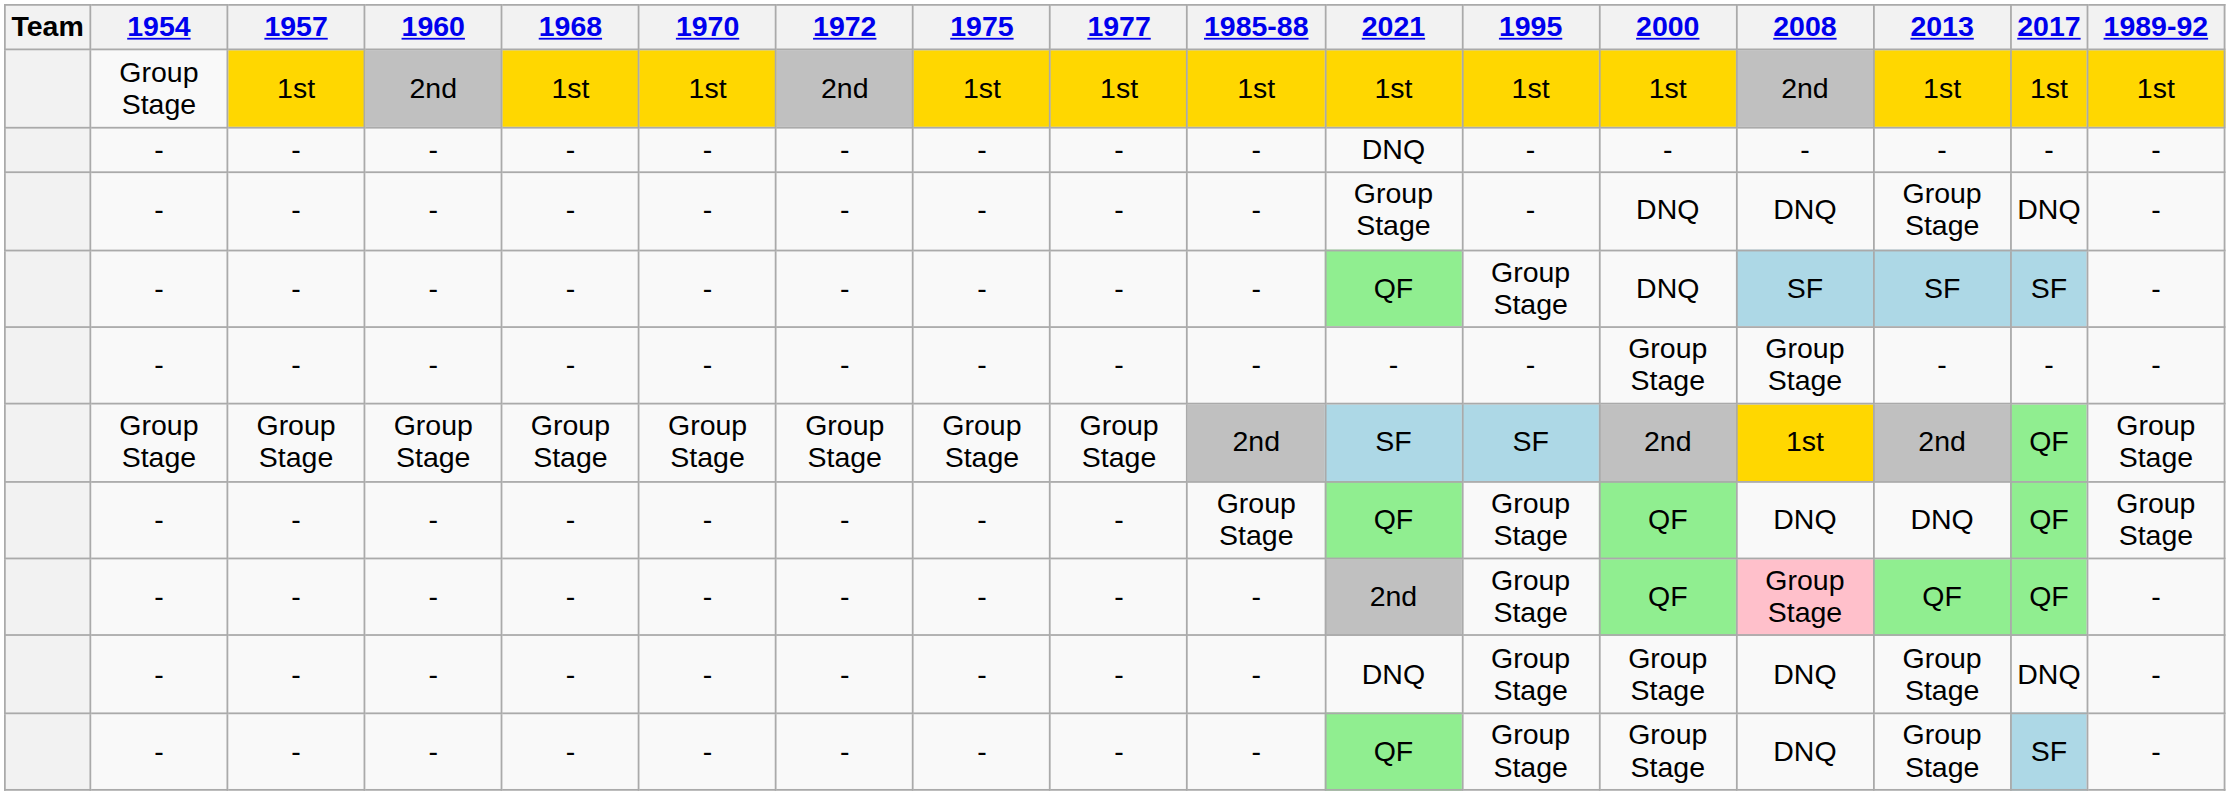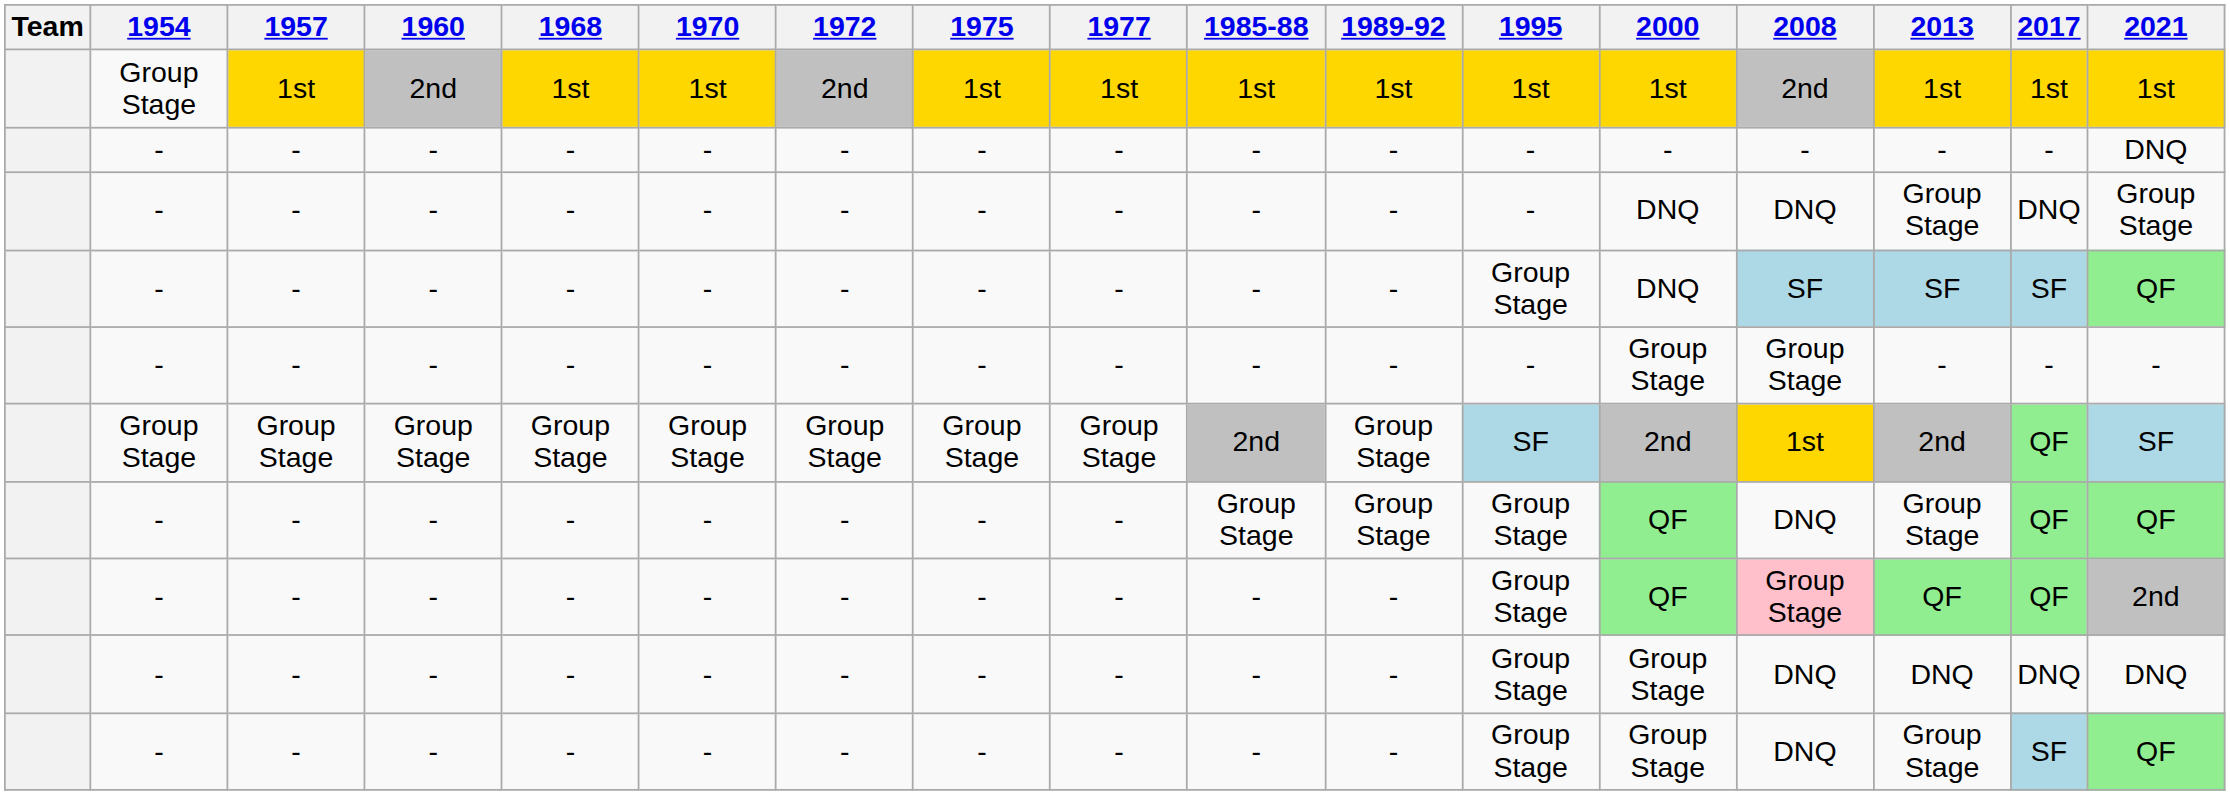 <table class="wikitable plainrowheaders" style="text-align: center">
 <tr>
 <th>Team</th>
 <th><a href='#'>1954</a></th>
 <th><a href='#'>1957</a></th>
 <th><a href='#'>1960</a></th>
 <th><a href='#'>1968</a></th>
 <th><a href='#'>1970</a></th>
 <th><a href='#'>1972</a></th>
 <th><a href='#'>1975</a></th>
 <th><a href='#'>1977</a></th>
 <th><a href='#'>1985-88</a></th>
-<th><a href='#'>2021</a></th>
+<th><a href='#'>1989-92</a></th>
 <th><a href='#'>1995</a></th>
 <th><a href='#'>2000</a></th>
 <th><a href='#'>2008</a></th>
 <th><a href='#'>2013</a></th>
 <th><a href='#'>2017</a></th>
-<th><a href='#'>1989-92</a></th>
+<th><a href='#'>2021</a></th>
 </tr>
 <tr>
 <th scope=row></th>
 <td>Group Stage</td>
 <td style="background:gold">1st</td>
 <td style="background:silver">2nd</td>
 <td style="background:gold">1st</td>
 <td style="background:gold">1st</td>
 <td style="background:silver">2nd</td>
 <td style="background:gold">1st</td>
 <td style="background:gold">1st</td>
 <td style="background:gold">1st</td>
 <td style="background:gold">1st</td>
 <td style="background:gold">1st</td>
 <td style="background:gold">1st</td>
 <td style="background:silver">2nd</td>
 <td style="background:gold">1st</td>
 <td style="background:gold">1st</td>
 <td style="background:gold">1st</td>
 </tr>
 <tr>
 <th scope=row></th>
 <td>-</td>
 <td>-</td>
 <td>-</td>
 <td>-</td>
 <td>-</td>
 <td>-</td>
 <td>-</td>
 <td>-</td>
 <td>-</td>
-<td>DNQ</td>
 <td>-</td>
 <td>-</td>
 <td>-</td>
 <td>-</td>
 <td>-</td>
 <td>-</td>
+<td>DNQ</td>
 </tr>
 <tr>
 <th scope=row></th>
 <td>-</td>
 <td>-</td>
 <td>-</td>
 <td>-</td>
 <td>-</td>
 <td>-</td>
 <td>-</td>
 <td>-</td>
 <td>-</td>
-<td>Group Stage</td>
+<td>-</td>
 <td>-</td>
 <td>DNQ</td>
 <td>DNQ</td>
 <td>Group Stage</td>
 <td>DNQ</td>
-<td>-</td>
+<td>Group Stage</td>
 </tr>
 <tr>
 <th scope=row></th>
 <td>-</td>
 <td>-</td>
 <td>-</td>
 <td>-</td>
 <td>-</td>
 <td>-</td>
 <td>-</td>
 <td>-</td>
 <td>-</td>
-<td style="background:lightgreen">QF</td>
+<td>-</td>
 <td>Group Stage</td>
 <td>DNQ</td>
 <td style="background:lightblue">SF</td>
 <td style="background:lightblue">SF</td>
 <td style="background:lightblue">SF</td>
-<td>-</td>
+<td style="background:lightgreen">QF</td>
 </tr>
 <tr>
 <th scope=row></th>
 <td>-</td>
 <td>-</td>
 <td>-</td>
 <td>-</td>
 <td>-</td>
 <td>-</td>
 <td>-</td>
 <td>-</td>
 <td>-</td>
 <td>-</td>
 <td>-</td>
 <td>Group Stage</td>
 <td>Group Stage</td>
 <td>-</td>
 <td>-</td>
 <td>-</td>
 </tr>
 <tr>
 <th scope=row></th>
 <td>Group Stage</td>
 <td>Group Stage</td>
 <td>Group Stage</td>
 <td>Group Stage</td>
 <td>Group Stage</td>
 <td>Group Stage</td>
 <td>Group Stage</td>
 <td>Group Stage</td>
 <td style="background:silver">2nd</td>
-<td style="background:lightblue">SF</td>
+<td>Group Stage</td>
 <td style="background:lightblue">SF</td>
 <td style="background:silver">2nd</td>
 <td style="background:gold">1st</td>
 <td style="background:silver">2nd</td>
 <td style="background:lightgreen">QF</td>
-<td>Group Stage</td>
+<td style="background:lightblue">SF</td>
 </tr>
 <tr>
 <th scope=row></th>
 <td>-</td>
 <td>-</td>
 <td>-</td>
 <td>-</td>
 <td>-</td>
 <td>-</td>
 <td>-</td>
 <td>-</td>
 <td>Group Stage</td>
-<td style="background:lightgreen">QF</td>
+<td>Group Stage</td>
 <td>Group Stage</td>
 <td style="background:lightgreen">QF</td>
 <td>DNQ</td>
-<td>DNQ</td>
+<td>Group Stage</td>
 <td style="background:lightgreen">QF</td>
-<td>Group Stage</td>
+<td style="background:lightgreen">QF</td>
 </tr>
 <tr>
 <th scope=row></th>
 <td>-</td>
 <td>-</td>
 <td>-</td>
 <td>-</td>
 <td>-</td>
 <td>-</td>
 <td>-</td>
 <td>-</td>
 <td>-</td>
-<td style="background:silver">2nd</td>
+<td>-</td>
 <td>Group Stage</td>
 <td style="background:lightgreen">QF</td>
 <td style="background: pink;">Group Stage</td>
 <td style="background:lightgreen">QF</td>
 <td style="background:lightgreen">QF</td>
-<td>-</td>
+<td style="background:silver">2nd</td>
 </tr>
 <tr>
 <th scope=row></th>
 <td>-</td>
 <td>-</td>
 <td>-</td>
 <td>-</td>
 <td>-</td>
 <td>-</td>
 <td>-</td>
 <td>-</td>
 <td>-</td>
-<td>DNQ</td>
+<td>-</td>
 <td>Group Stage</td>
 <td>Group Stage</td>
 <td>DNQ</td>
-<td>Group Stage</td>
 <td>DNQ</td>
-<td>-</td>
+<td>DNQ</td>
+<td>DNQ</td>
 </tr>
 <tr>
 <th scope=row></th>
 <td>-</td>
 <td>-</td>
 <td>-</td>
 <td>-</td>
 <td>-</td>
 <td>-</td>
 <td>-</td>
 <td>-</td>
 <td>-</td>
-<td style="background:lightgreen">QF</td>
+<td>-</td>
 <td>Group Stage</td>
 <td>Group Stage</td>
 <td>DNQ</td>
 <td>Group Stage</td>
 <td style="background:lightblue">SF</td>
-<td>-</td>
+<td style="background:lightgreen">QF</td>
 </tr>
 </table>
